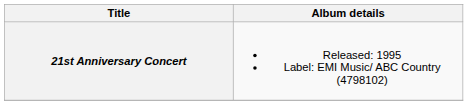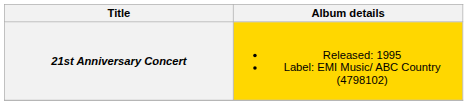 <table class="wikitable plainrowheaders" style="text-align:center;">
 <tr>
 <th scope="col" rowspan="1" style="width:20em;">Title</th>
 <th scope="col" rowspan="1" style="width:20em;">Album details</th>
 </tr>
 <tr>
 <th scope="row"><em>21st Anniversary Concert</em></th>
-<td><br><ul><li>Released: 1995</li><li>Label: EMI Music/ ABC Country (4798102)</li></ul></td>
+<td style="background: gold;"><br><ul><li>Released: 1995</li><li>Label: EMI Music/ ABC Country (4798102)</li></ul></td>
 </tr>
 <tr>
 </tr>
 </table>
